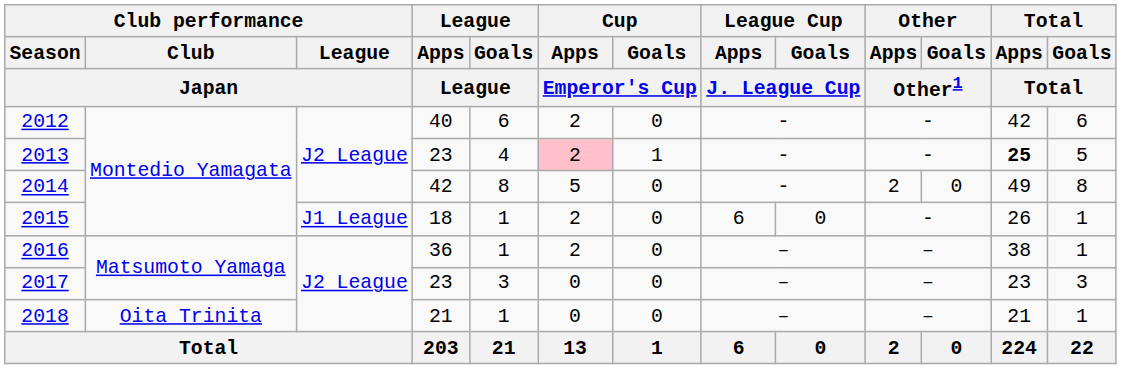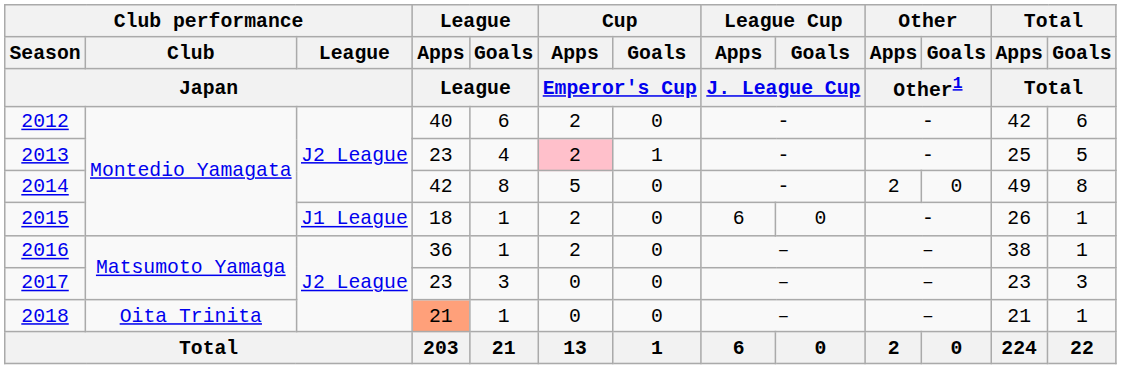 <table class="wikitable" style="text-align:center;">
 <tr>
 <th colspan=3>Club performance</th>
 <th colspan=2>League</th>
 <th colspan=2>Cup</th>
 <th colspan=2>League Cup</th>
 <th colspan=2>Other</th>
 <th colspan=2>Total</th>
 </tr>
 <tr>
 <th>Season</th>
 <th>Club</th>
 <th>League</th>
 <th>Apps</th>
 <th>Goals</th>
 <th>Apps</th>
 <th>Goals</th>
 <th>Apps</th>
 <th>Goals</th>
 <th>Apps</th>
 <th>Goals</th>
 <th>Apps</th>
 <th>Goals</th>
 </tr>
 <tr>
 <th colspan=3>Japan</th>
 <th colspan=2>League</th>
 <th colspan=2><a href='#'>Emperor's Cup</a></th>
 <th colspan=2><a href='#'>J. League Cup</a></th>
 <th colspan=2>Other<sup><a href='#'>1</a></sup></th>
 <th colspan=2>Total</th>
 </tr>
 <tr>
 <td><a href='#'>2012</a></td>
 <td rowspan=4><a href='#'>Montedio Yamagata</a></td>
 <td rowspan=3><a href='#'>J2 League</a></td>
 <td>40</td>
 <td>6</td>
 <td>2</td>
 <td>0</td>
 <td colspan="2">-</td>
 <td colspan="2">-</td>
 <td>42</td>
 <td>6</td>
 </tr>
 <tr>
 <td><a href='#'>2013</a></td>
 <td>23</td>
 <td>4</td>
 <td style="background: pink;">2</td>
 <td>1</td>
 <td colspan="2">-</td>
 <td colspan="2">-</td>
-<td><strong>25</strong></td>
+<td>25</td>
 <td>5</td>
 </tr>
 <tr>
 <td><a href='#'>2014</a></td>
 <td>42</td>
 <td>8</td>
 <td>5</td>
 <td>0</td>
 <td colspan="2">-</td>
 <td>2</td>
 <td>0</td>
 <td>49</td>
 <td>8</td>
 </tr>
 <tr>
 <td><a href='#'>2015</a></td>
 <td><a href='#'>J1 League</a></td>
 <td>18</td>
 <td>1</td>
 <td>2</td>
 <td>0</td>
 <td>6</td>
 <td>0</td>
 <td colspan="2">-</td>
 <td>26</td>
 <td>1</td>
 </tr>
 <tr>
 <td><a href='#'>2016</a></td>
 <td rowspan="2"><a href='#'>Matsumoto Yamaga</a></td>
 <td rowspan="3"><a href='#'>J2 League</a></td>
 <td>36</td>
 <td>1</td>
 <td>2</td>
 <td>0</td>
 <td colspan="2">–</td>
 <td colspan="2">–</td>
 <td>38</td>
 <td>1</td>
 </tr>
 <tr>
 <td><a href='#'>2017</a></td>
 <td>23</td>
 <td>3</td>
 <td>0</td>
 <td>0</td>
 <td colspan="2">–</td>
 <td colspan="2">–</td>
 <td>23</td>
 <td>3</td>
 </tr>
 <tr>
 <td><a href='#'>2018</a></td>
 <td><a href='#'>Oita Trinita</a></td>
-<td>21</td>
+<td style="background: lightsalmon;">21</td>
 <td>1</td>
 <td>0</td>
 <td>0</td>
 <td colspan="2">–</td>
 <td colspan="2">–</td>
 <td>21</td>
 <td>1</td>
 </tr>
 <tr>
 <th colspan=3>Total</th>
 <th>203</th>
 <th>21</th>
 <th>13</th>
 <th>1</th>
 <th>6</th>
 <th>0</th>
 <th>2</th>
 <th>0</th>
 <th>224</th>
 <th>22</th>
 </tr>
 </table>
